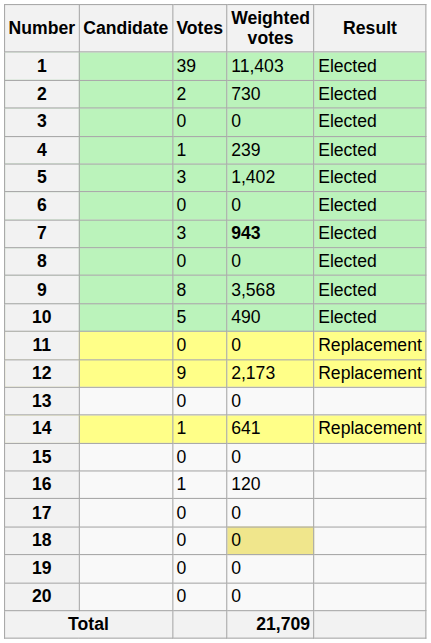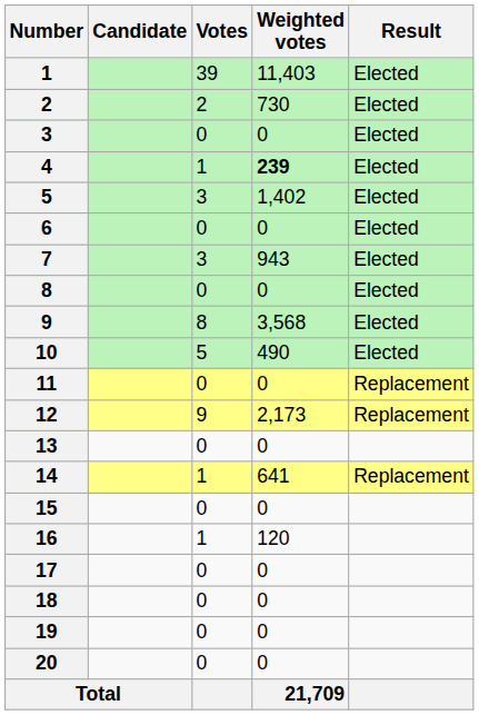 <table class="wikitable sortable col3right col4right">
 <tr>
 <th scope="col">Number</th>
 <th scope="col">Candidate</th>
 <th scope="col">Votes</th>
 <th scope="col">Weighted<br>votes</th>
 <th scope="col">Result</th>
 </tr>
 <tr bgcolor=bbf3bb>
 <th scope="row">1</th>
 <td></td>
 <td>39</td>
 <td>11,403</td>
 <td>Elected</td>
 </tr>
 <tr bgcolor=bbf3bb>
 <th scope="row">2</th>
 <td></td>
 <td>2</td>
 <td>730</td>
 <td>Elected</td>
 </tr>
 <tr bgcolor=bbf3bb>
 <th scope="row">3</th>
 <td></td>
 <td>0</td>
 <td>0</td>
 <td>Elected</td>
 </tr>
 <tr bgcolor=bbf3bb>
 <th scope="row">4</th>
 <td></td>
 <td>1</td>
-<td>239</td>
+<td><strong>239</strong></td>
 <td>Elected</td>
 </tr>
 <tr bgcolor=bbf3bb>
 <th scope="row">5</th>
 <td></td>
 <td>3</td>
 <td>1,402</td>
 <td>Elected</td>
 </tr>
 <tr bgcolor=bbf3bb>
 <th scope="row">6</th>
 <td></td>
 <td>0</td>
 <td>0</td>
 <td>Elected</td>
 </tr>
 <tr bgcolor=bbf3bb>
 <th scope="row">7</th>
 <td></td>
 <td>3</td>
-<td><strong>943</strong></td>
+<td>943</td>
 <td>Elected</td>
 </tr>
 <tr bgcolor=bbf3bb>
 <th scope="row">8</th>
 <td></td>
 <td>0</td>
 <td>0</td>
 <td>Elected</td>
 </tr>
 <tr bgcolor=bbf3bb>
 <th scope="row">9</th>
 <td></td>
 <td>8</td>
 <td>3,568</td>
 <td>Elected</td>
 </tr>
 <tr bgcolor=bbf3bb>
 <th scope="row">10</th>
 <td></td>
 <td>5</td>
 <td>490</td>
 <td>Elected</td>
 </tr>
 <tr bgcolor=#FF8>
 <th scope="row">11</th>
 <td></td>
 <td>0</td>
 <td>0</td>
 <td>Replacement</td>
 </tr>
 <tr bgcolor=#FF8>
 <th scope="row">12</th>
 <td></td>
 <td>9</td>
 <td>2,173</td>
 <td>Replacement</td>
 </tr>
 <tr>
 <th scope="row">13</th>
 <td></td>
 <td>0</td>
 <td>0</td>
 <td></td>
 </tr>
 <tr bgcolor=#FF8>
 <th scope="row">14</th>
 <td></td>
 <td>1</td>
 <td>641</td>
 <td>Replacement</td>
 </tr>
 <tr>
 <th scope="row">15</th>
 <td></td>
 <td>0</td>
 <td>0</td>
 <td></td>
 </tr>
 <tr>
 <th scope="row">16</th>
 <td></td>
 <td>1</td>
 <td>120</td>
 <td></td>
 </tr>
 <tr>
 <th scope="row">17</th>
 <td></td>
 <td>0</td>
 <td>0</td>
 <td></td>
 </tr>
 <tr>
 <th scope="row">18</th>
 <td></td>
 <td>0</td>
-<td style="background: khaki;">0</td>
+<td>0</td>
 <td></td>
 </tr>
 <tr>
 <th scope="row">19</th>
 <td></td>
 <td>0</td>
 <td>0</td>
 <td></td>
 </tr>
 <tr>
 <th scope="row">20</th>
 <td></td>
 <td>0</td>
 <td>0</td>
 <td></td>
 </tr>
 <tr class=sortbottom>
 <th scope="row" colspan="2">Total</th>
 <th style="text-align:right"></th>
 <th style="text-align:right">21,709</th>
 <th></th>
 </tr>
 </table>
